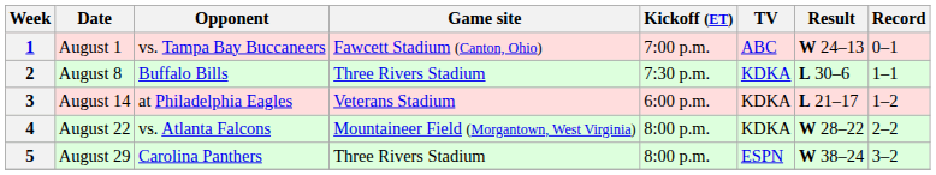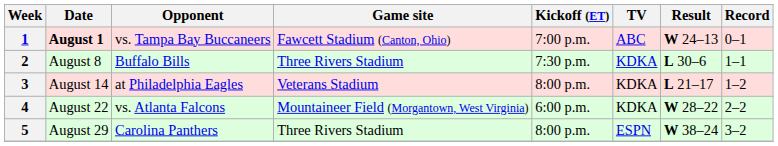 <table class="wikitable">
 <tr>
 <th>Week</th>
 <th>Date</th>
 <th>Opponent</th>
 <th>Game site</th>
 <th>Kickoff <small>(<a href='#'>ET</a>)</small></th>
 <th>TV</th>
 <th>Result</th>
 <th>Record</th>
 </tr>
 <tr style="background:#ffdddd;">
 <th><a href='#'>1</a></th>
-<td>August 1</td>
+<td><strong>August 1</strong></td>
 <td>vs. <a href='#'>Tampa Bay Buccaneers</a></td>
 <td><a href='#'>Fawcett Stadium</a> <small>(<a href='#'>Canton, Ohio</a>)</small></td>
 <td>7:00 p.m.</td>
 <td><a href='#'>ABC</a></td>
 <td><strong>W</strong> 24–13</td>
 <td>0–1</td>
 </tr>
 <tr style="background:#ddffdd;">
 <th>2</th>
 <td>August 8</td>
 <td><a href='#'>Buffalo Bills</a></td>
 <td><a href='#'>Three Rivers Stadium</a></td>
 <td>7:30 p.m.</td>
 <td><a href='#'>KDKA</a></td>
 <td><strong>L</strong> 30–6</td>
 <td>1–1</td>
 </tr>
 <tr style="background: #ffdddd;">
 <th>3</th>
 <td>August 14</td>
 <td>at <a href='#'>Philadelphia Eagles</a></td>
 <td><a href='#'>Veterans Stadium</a></td>
-<td>6:00 p.m.</td>
+<td>8:00 p.m.</td>
 <td>KDKA</td>
 <td><strong>L</strong> 21–17</td>
 <td>1–2</td>
 </tr>
 <tr style="background: #ddffdd;">
 <th>4</th>
 <td>August 22</td>
 <td>vs. <a href='#'>Atlanta Falcons</a></td>
 <td><a href='#'>Mountaineer Field</a> <small>(<a href='#'>Morgantown, West Virginia</a>)</small></td>
-<td>8:00 p.m.</td>
+<td>6:00 p.m.</td>
 <td>KDKA</td>
 <td><strong>W</strong> 28–22</td>
 <td>2–2</td>
 </tr>
 <tr style="background: #ddffdd;">
 <th>5</th>
 <td>August 29</td>
 <td><a href='#'>Carolina Panthers</a></td>
 <td>Three Rivers Stadium</td>
 <td>8:00 p.m.</td>
 <td><a href='#'>ESPN</a></td>
 <td><strong>W</strong> 38–24</td>
 <td>3–2</td>
 </tr>
 <tr style="background: #ddffdd;">
 </tr>
 </table>
